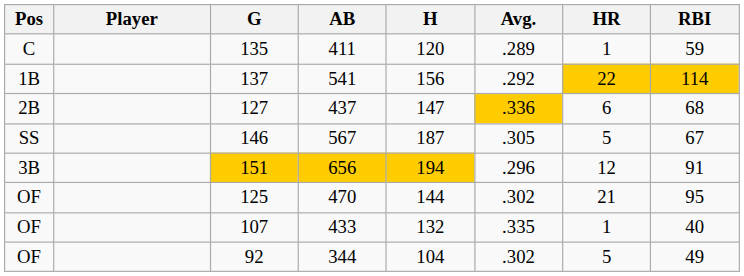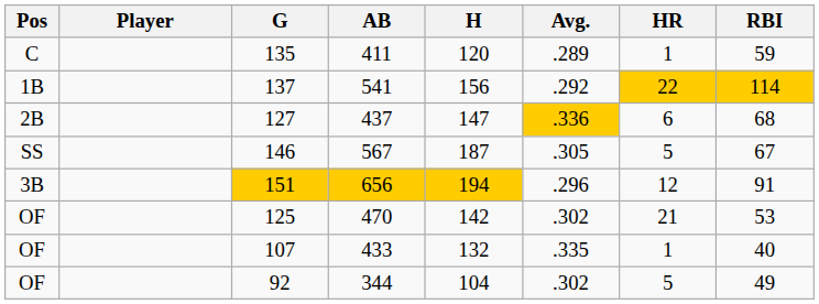 <table class="wikitable sortable">
 <tr>
 <th bgcolor="#DDDDFF" width="5%">Pos</th>
 <th bgcolor="#DDDDFF" width="16%">Player</th>
 <th bgcolor="#DDDDFF" width="9%">G</th>
 <th bgcolor="#DDDDFF" width="9%">AB</th>
 <th bgcolor="#DDDDFF" width="9%">H</th>
 <th bgcolor="#DDDDFF" width="9%">Avg.</th>
 <th bgcolor="#DDDDFF" width="9%">HR</th>
 <th bgcolor="#DDDDFF" width="9%">RBI</th>
 </tr>
 <tr align="center">
 <td>C</td>
 <td></td>
 <td>135</td>
 <td>411</td>
 <td>120</td>
 <td>.289</td>
 <td>1</td>
 <td>59</td>
 </tr>
 <tr align="center">
 <td>1B</td>
 <td></td>
 <td>137</td>
 <td>541</td>
 <td>156</td>
 <td>.292</td>
 <td style="background:#fc0;">22</td>
 <td style="background:#fc0;">114</td>
 </tr>
 <tr align="center">
 <td>2B</td>
 <td></td>
 <td>127</td>
 <td>437</td>
 <td>147</td>
 <td style="background:#fc0;">.336</td>
 <td>6</td>
 <td>68</td>
 </tr>
 <tr align="center">
 <td>SS</td>
 <td></td>
 <td>146</td>
 <td>567</td>
 <td>187</td>
 <td>.305</td>
 <td>5</td>
 <td>67</td>
 </tr>
 <tr align="center">
 <td>3B</td>
 <td></td>
 <td style="background:#fc0;">151</td>
 <td style="background:#fc0;">656</td>
 <td style="background:#fc0;">194</td>
 <td>.296</td>
 <td>12</td>
 <td>91</td>
 </tr>
 <tr align="center">
 <td>OF</td>
 <td></td>
 <td>125</td>
 <td>470</td>
-<td>144</td>
+<td>142</td>
 <td>.302</td>
 <td>21</td>
-<td>95</td>
+<td>53</td>
 </tr>
 <tr align="center">
 <td>OF</td>
 <td></td>
 <td>107</td>
 <td>433</td>
 <td>132</td>
 <td>.335</td>
 <td>1</td>
 <td>40</td>
 </tr>
 <tr align="center">
 <td>OF</td>
 <td></td>
 <td>92</td>
 <td>344</td>
 <td>104</td>
 <td>.302</td>
 <td>5</td>
 <td>49</td>
 </tr>
 </table>
